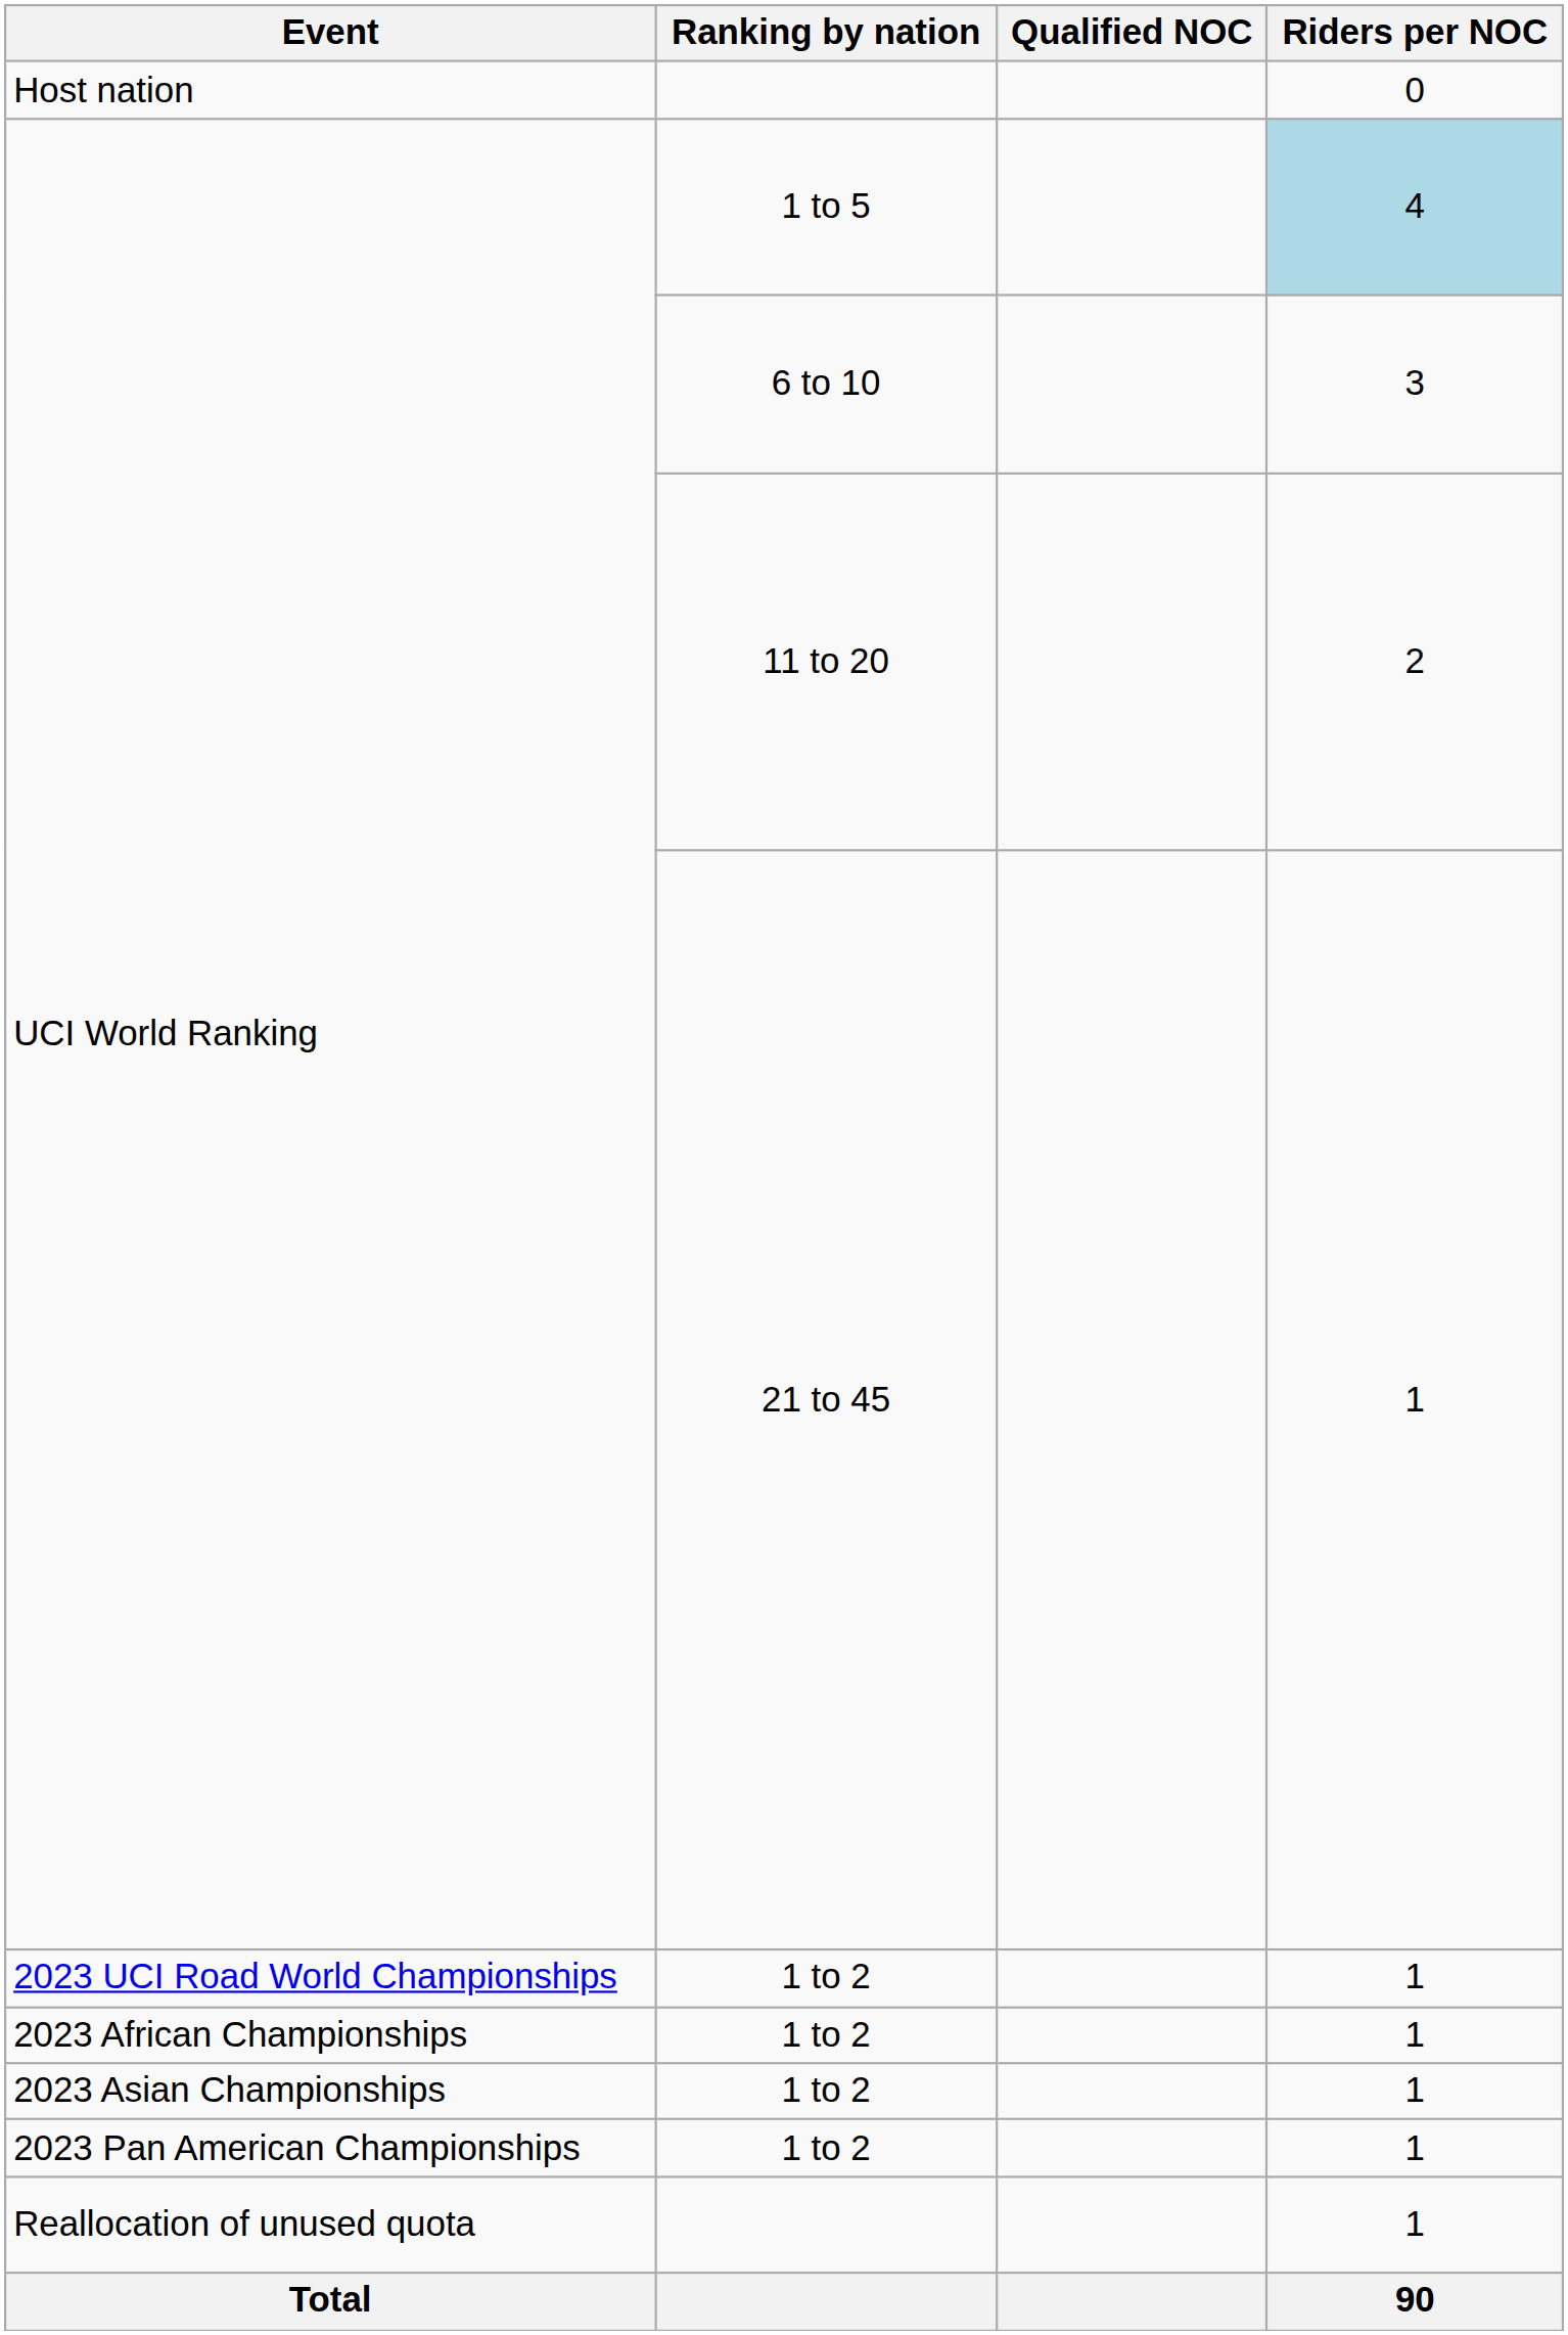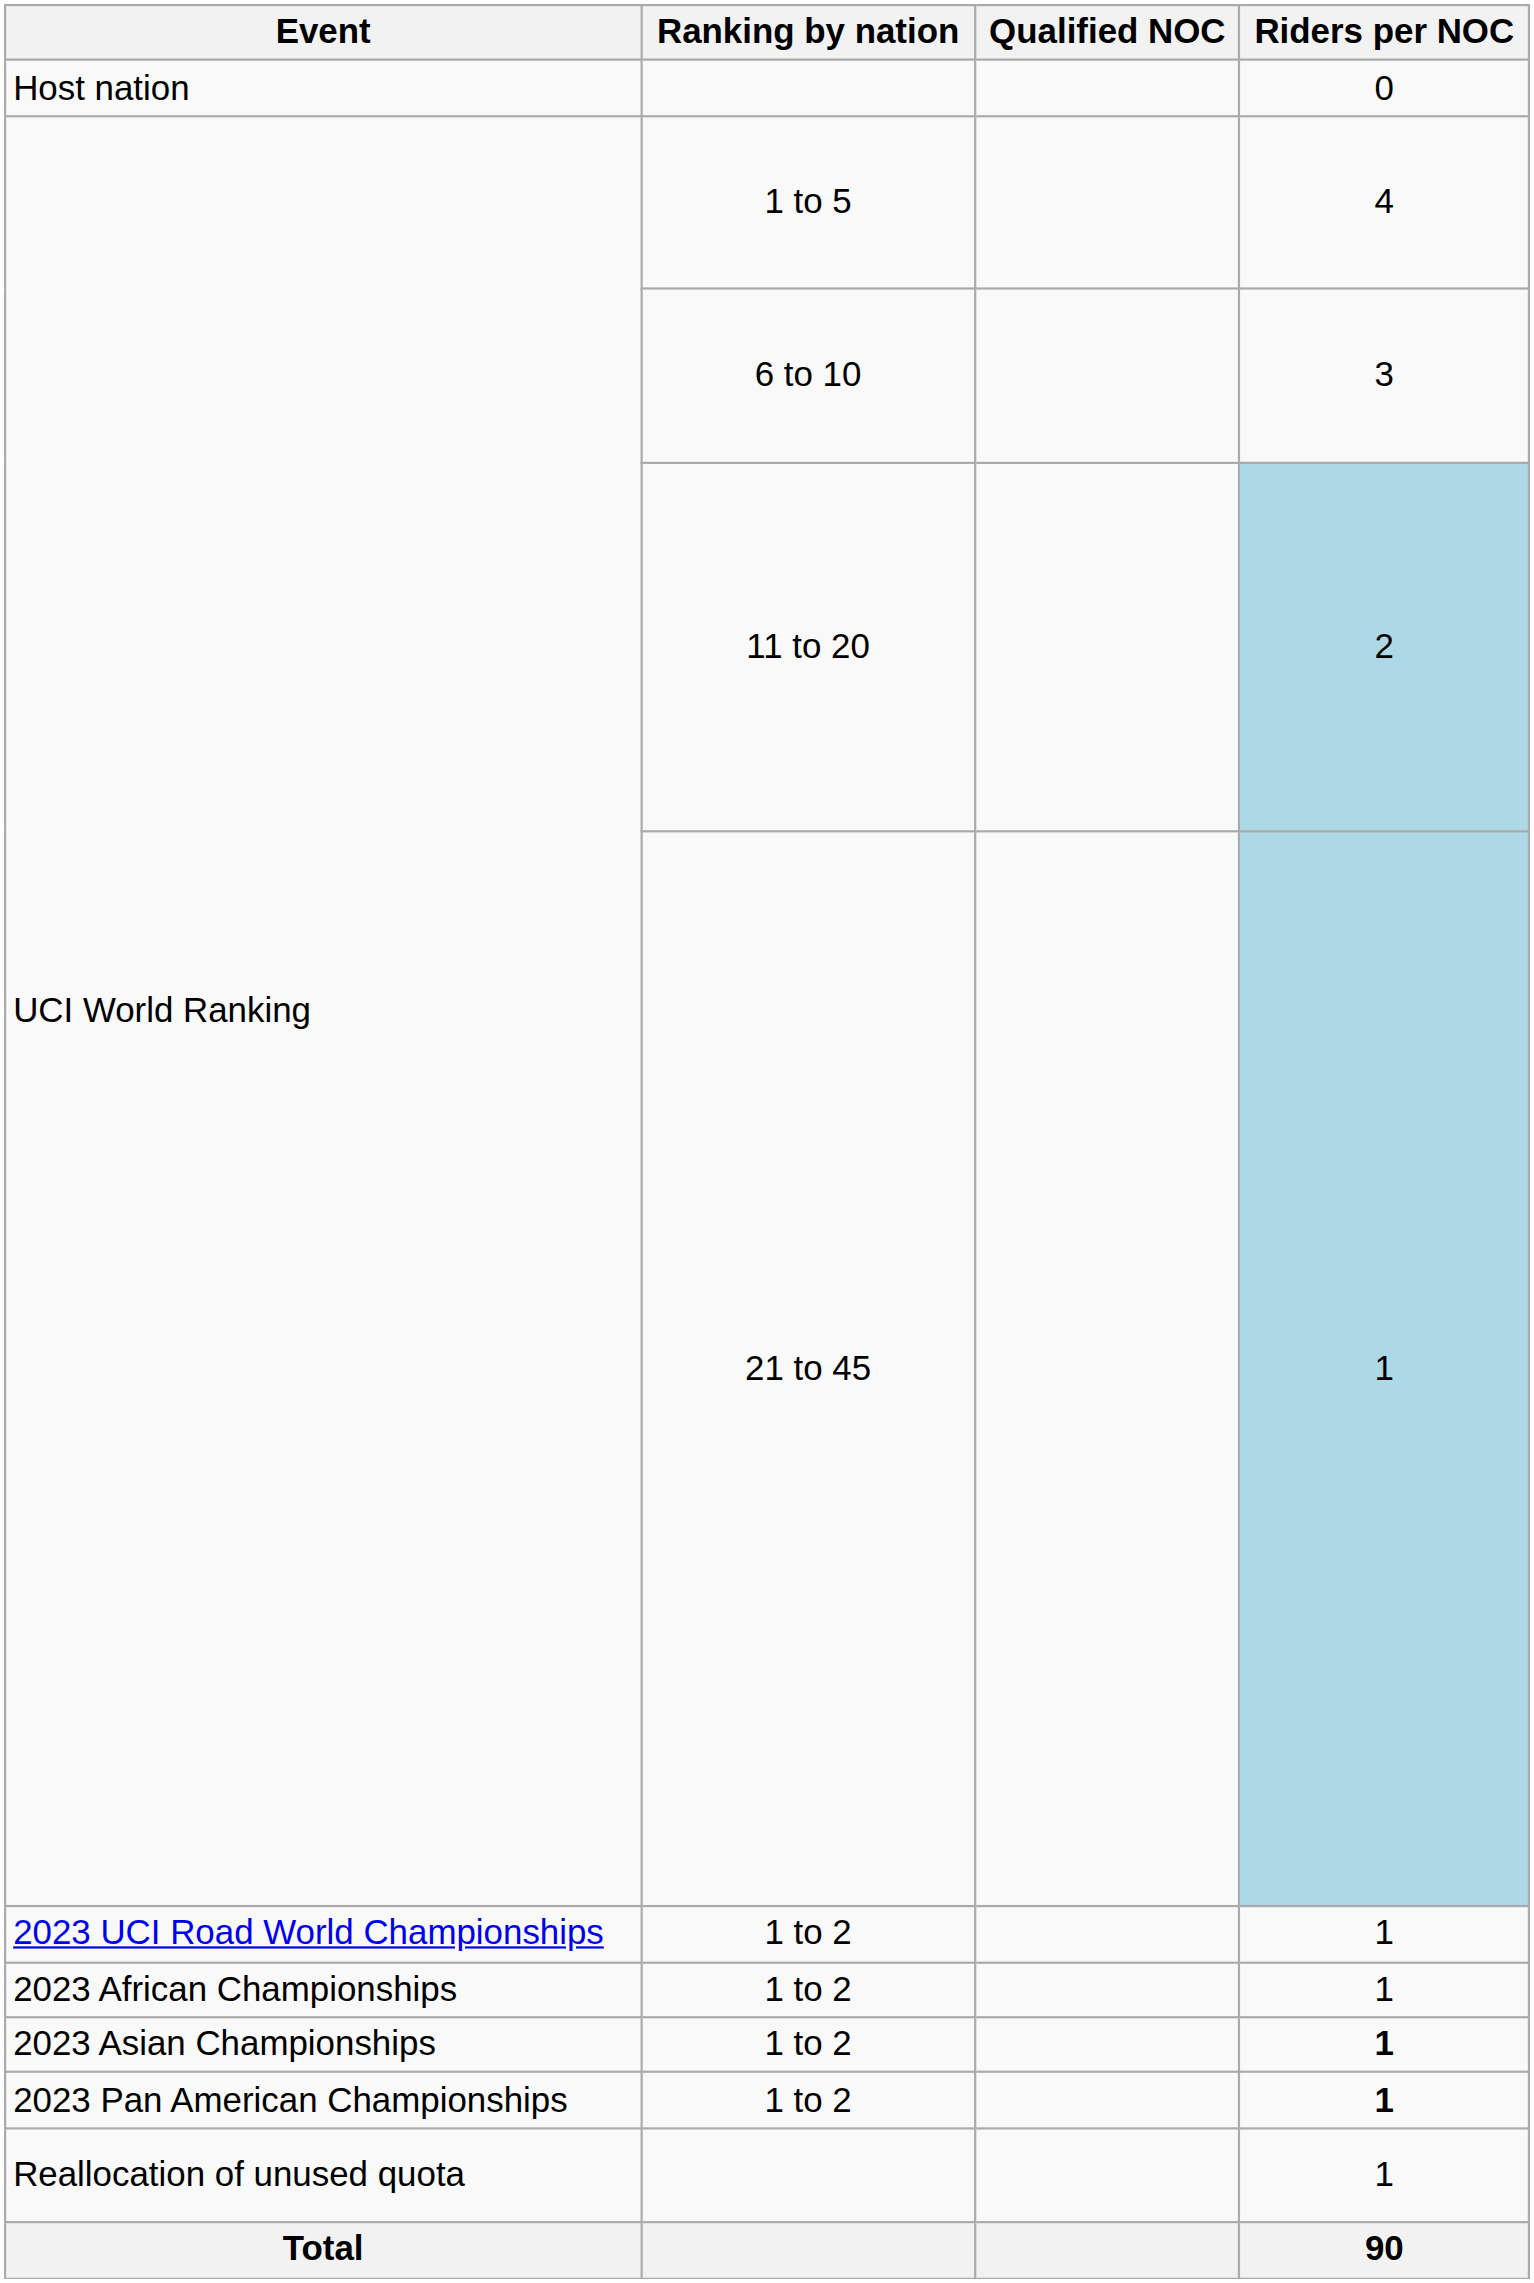 <table class="wikitable"  style="width:700px; text-align:center;">
 <tr>
 <th>Event</th>
 <th>Ranking by nation</th>
 <th>Qualified NOC</th>
 <th>Riders per NOC</th>
 </tr>
 <tr>
 <td align=left>Host nation</td>
 <td></td>
 <td></td>
 <td>0</td>
 </tr>
 <tr>
 <td rowspan=4 align=left>UCI World Ranking</td>
 <td>1 to 5</td>
 <td align="left"><br><br><br><br></td>
-<td style="background: lightblue;">4</td>
+<td>4</td>
 </tr>
 <tr>
 <td>6 to 10</td>
 <td align="left"><br><br><br><br></td>
 <td>3</td>
 </tr>
 <tr>
 <td>11 to 20</td>
 <td align="left"><br><br><br><br><br><br><br><br><br></td>
-<td>2</td>
+<td style="background: lightblue;">2</td>
 </tr>
 <tr>
 <td>21 to 45</td>
 <td align="left"><br><br><br><br><br><br><br><br><br><br><br><br><br><br><br><br><br><br><br><br><br><br><br><br><br> <br><br></td>
-<td>1</td>
+<td style="background: lightblue;">1</td>
 </tr>
 <tr>
 <td align=left><a href='#'>2023 UCI Road World Championships</a></td>
 <td>1 to 2</td>
 <td align="left"></td>
 <td>1</td>
 </tr>
 <tr>
 <td align=left>2023 African Championships</td>
 <td>1 to 2</td>
 <td align="left"><br></td>
 <td>1</td>
 </tr>
 <tr>
 <td align=left>2023 Asian Championships</td>
 <td>1 to 2</td>
 <td align="left"><br></td>
-<td>1</td>
+<td><strong>1</strong></td>
 </tr>
 <tr>
 <td align=left>2023 Pan American Championships</td>
 <td>1 to 2</td>
 <td align="left"><br></td>
-<td>1</td>
+<td><strong>1</strong></td>
 </tr>
 <tr>
 <td align=left>Reallocation of unused quota</td>
 <td></td>
 <td align="left"><br><br></td>
 <td>1</td>
 </tr>
 <tr>
 <th>Total</th>
 <th></th>
 <th></th>
 <th>90</th>
 </tr>
 </table>
